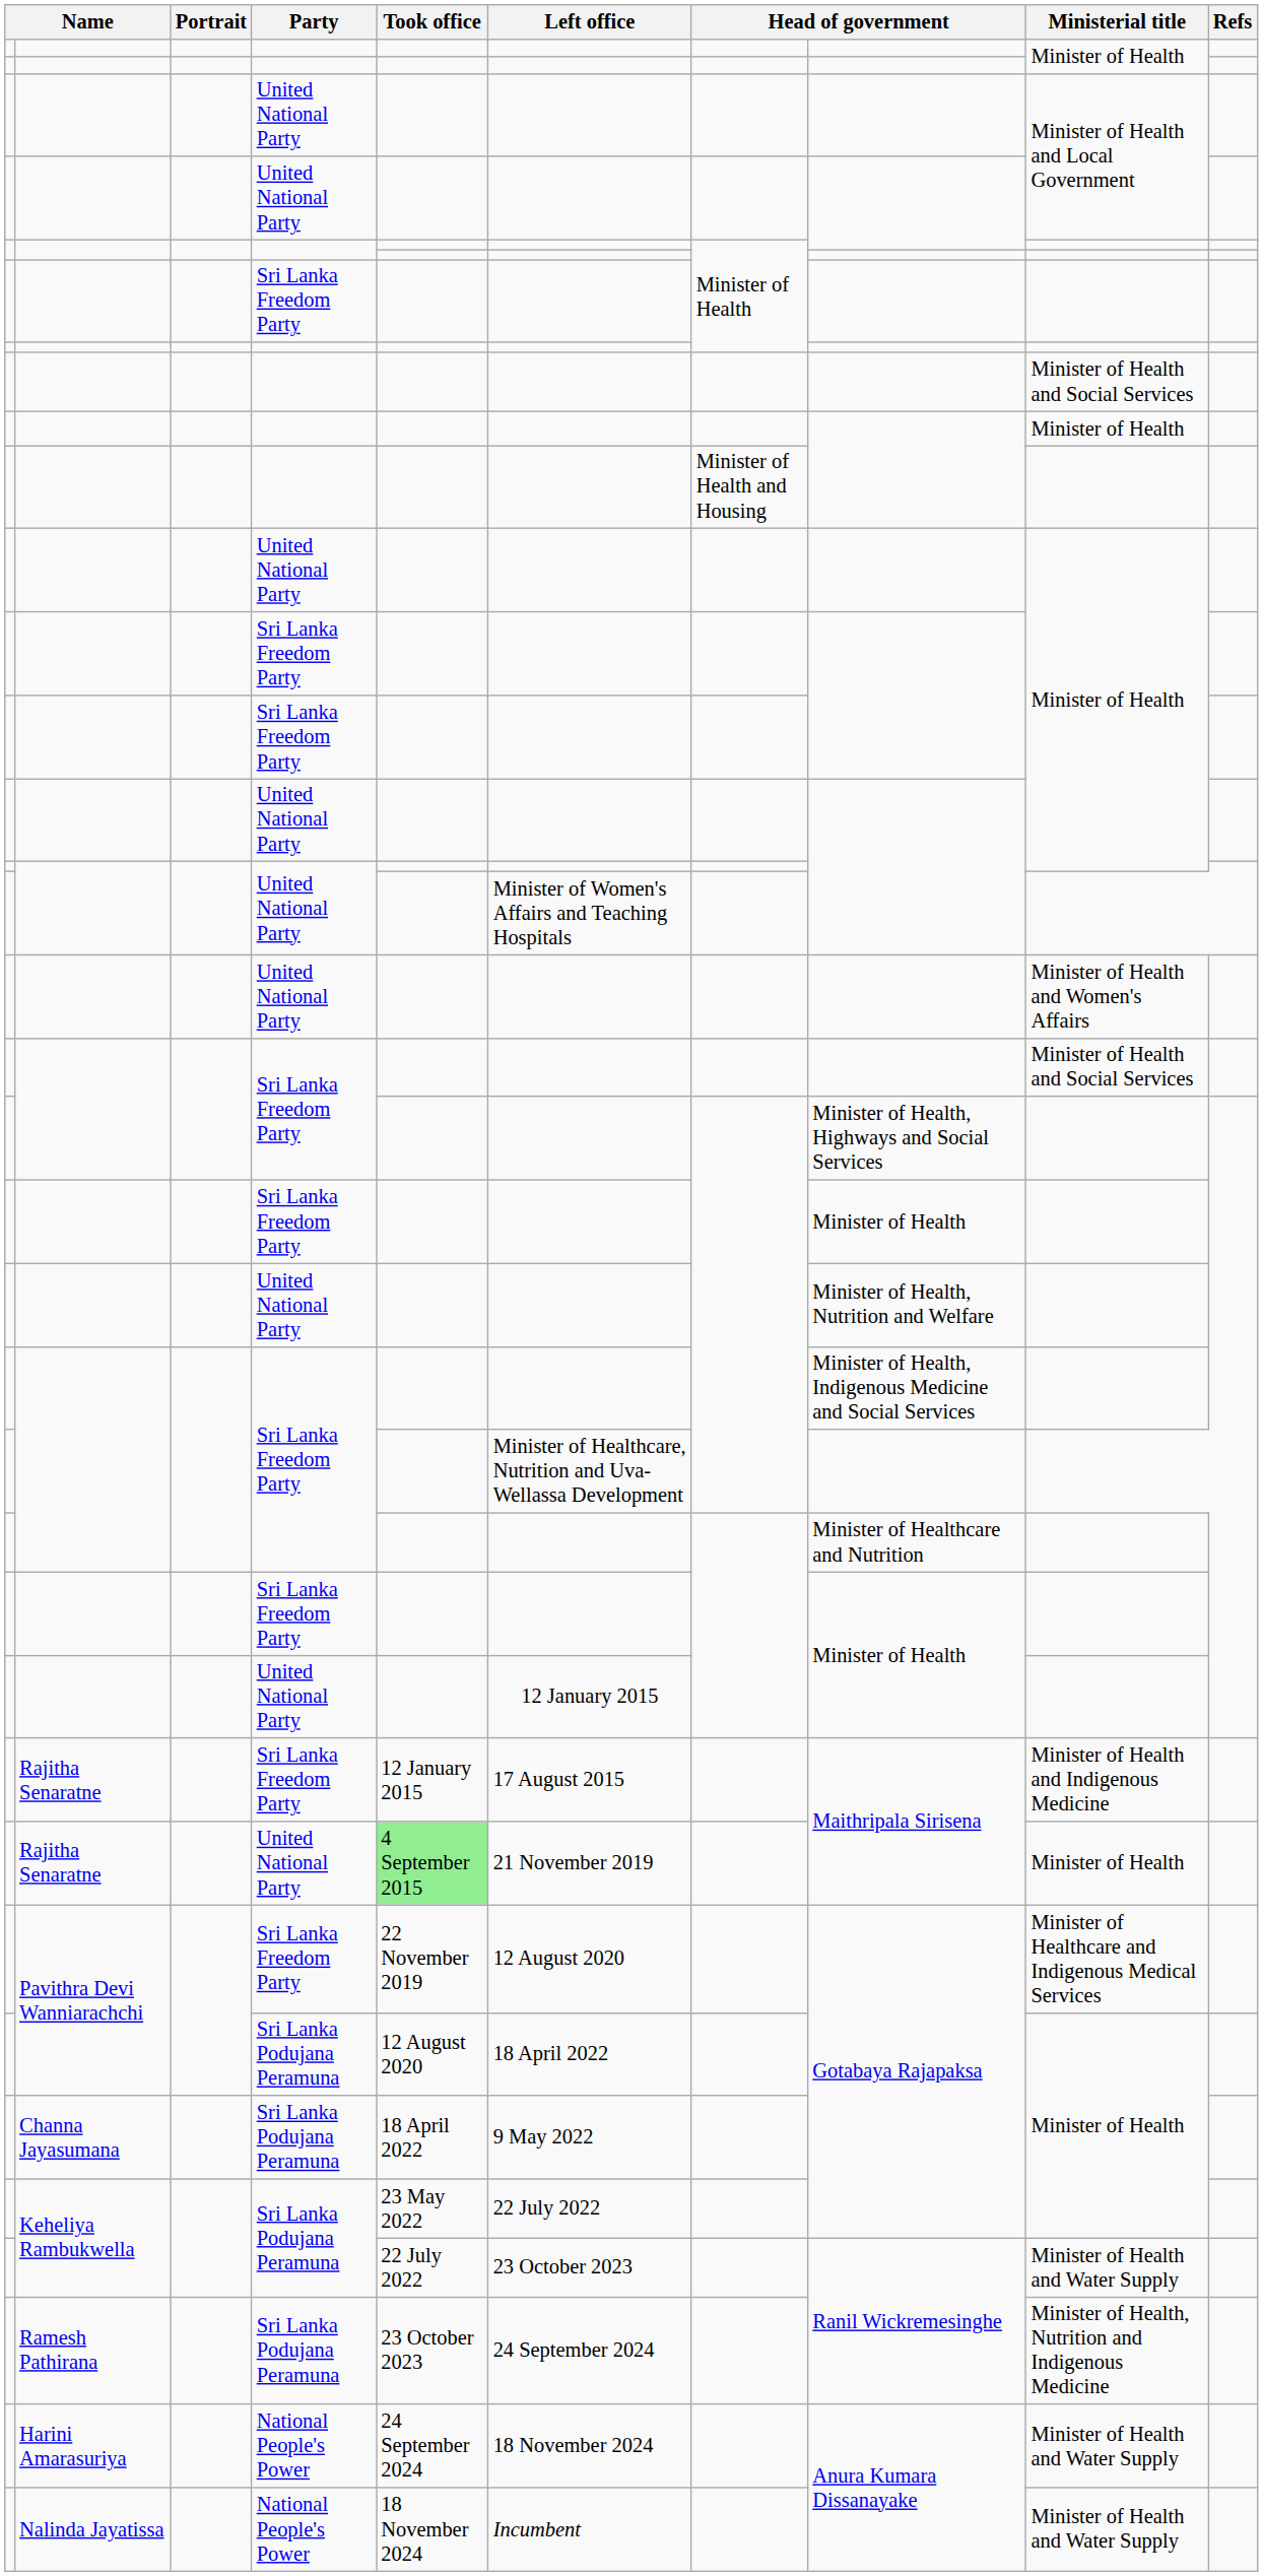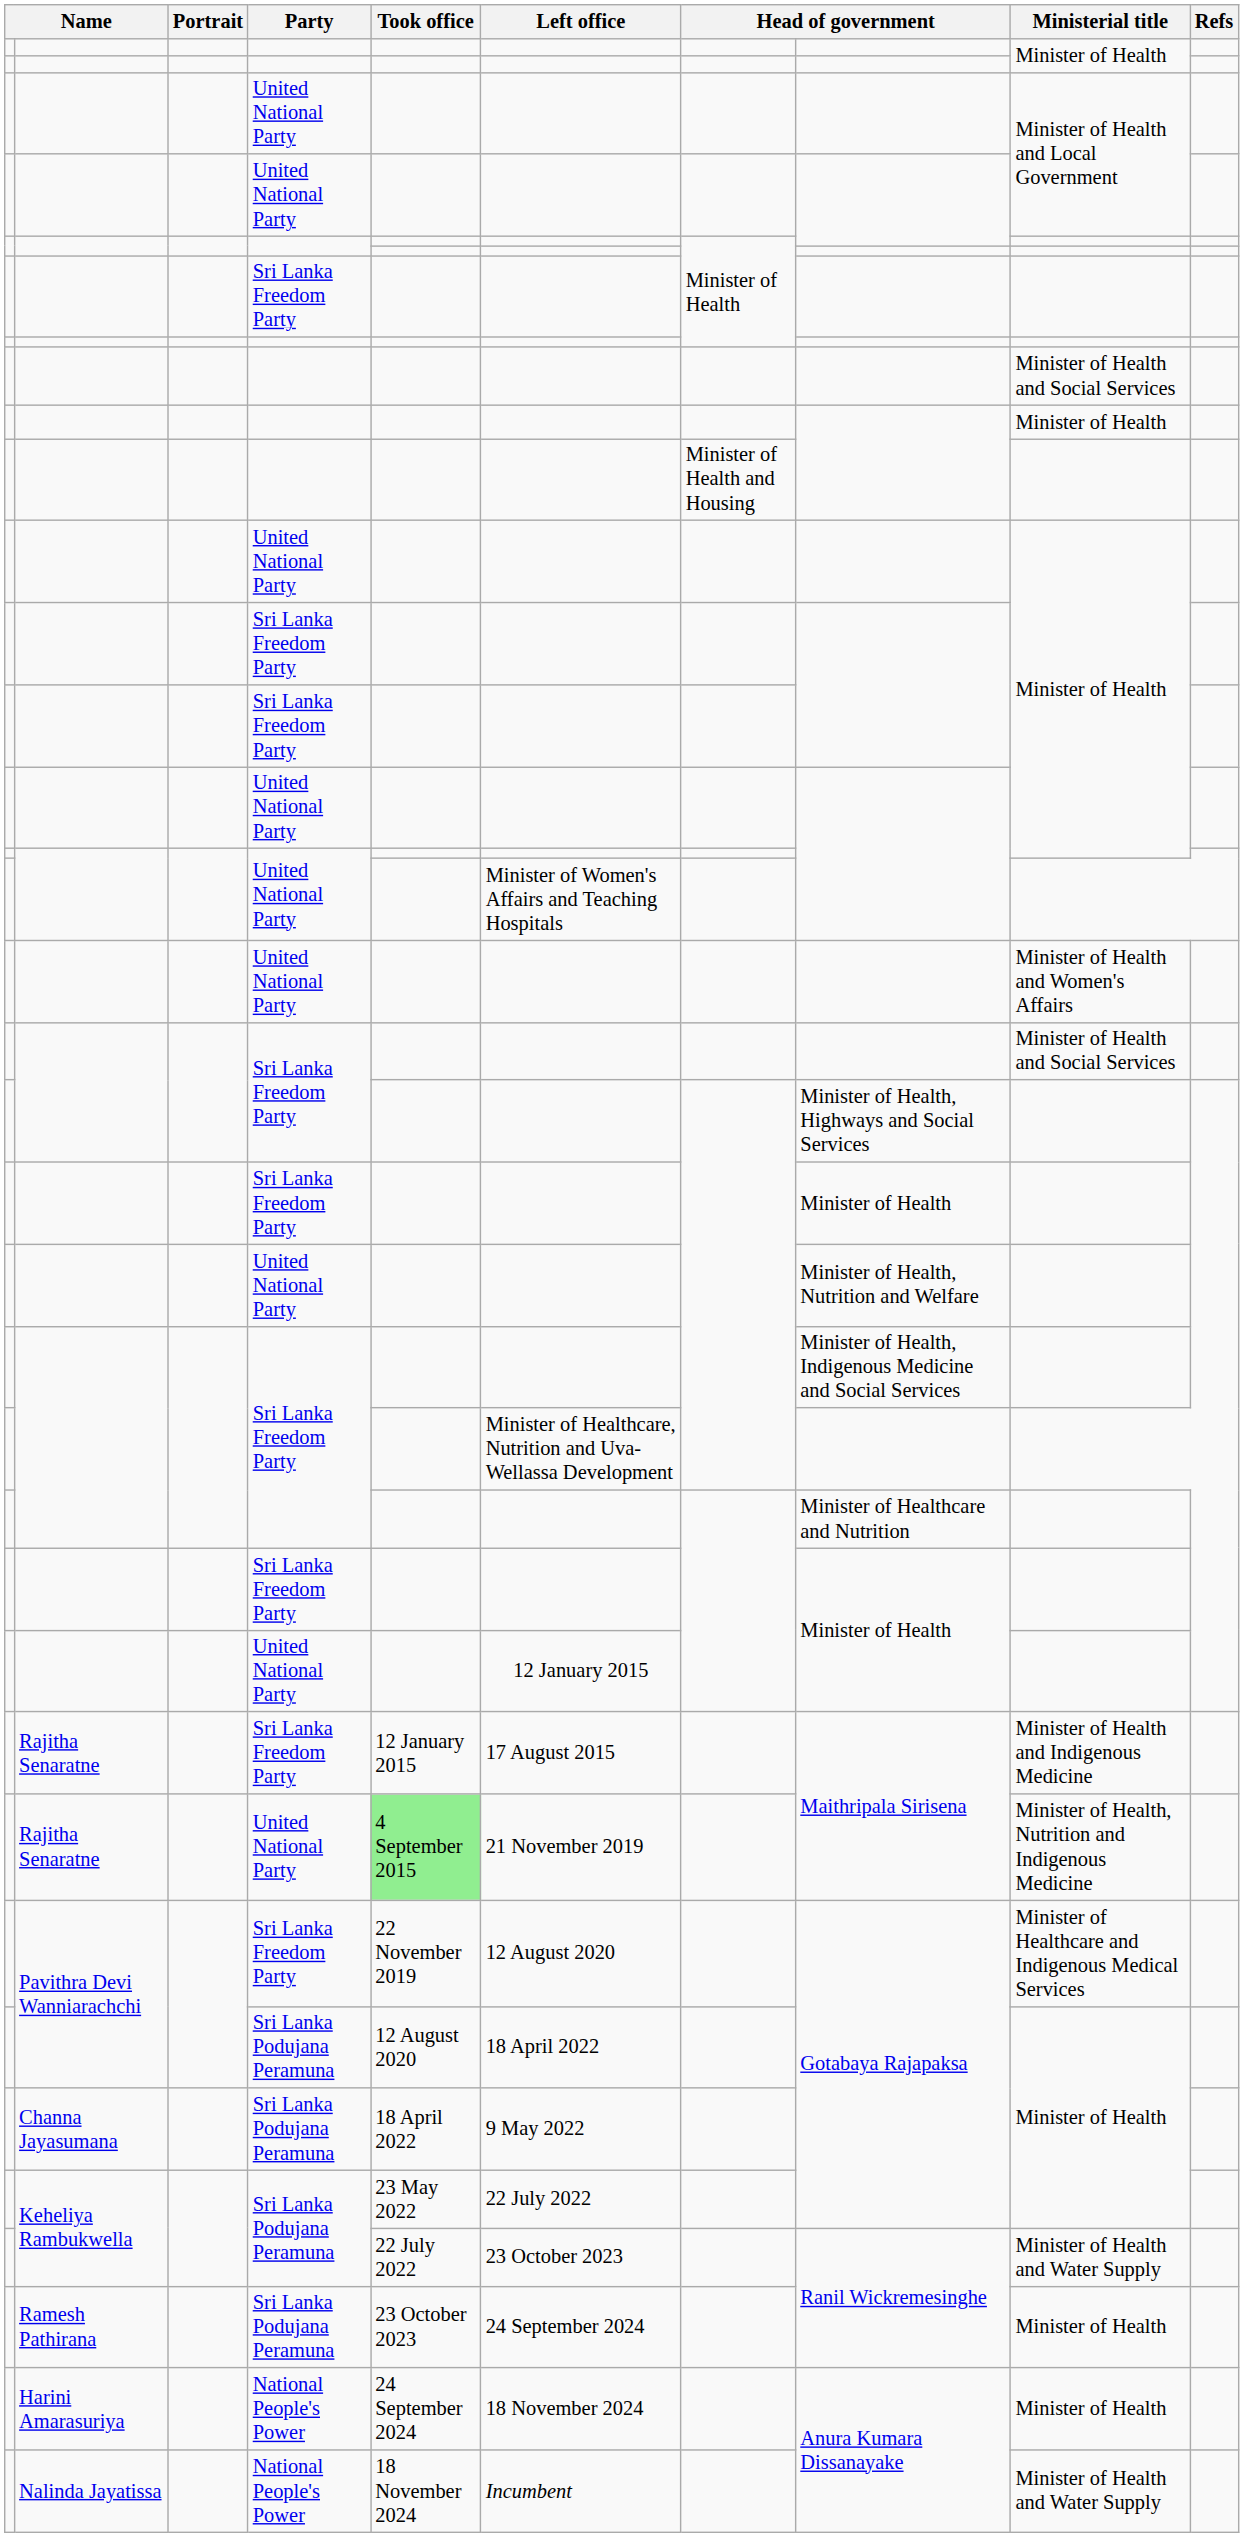 <table class="wikitable plainrowheaders sortable" style="font-size:90%; text-align:left;">
 <tr>
 <th colspan="2" scope="col">Name</th>
 <th scope="col" class="unsortable">Portrait</th>
 <th scope="col">Party</th>
 <th scope="col">Took office</th>
 <th scope="col">Left office</th>
 <th colspan="2" scope="col">Head of government</th>
 <th scope="col">Ministerial title</th>
 <th scope="col" class="unsortable">Refs</th>
 </tr>
 <tr>
 <td></td>
 <td></td>
 <td></td>
 <td></td>
 <td align="center"></td>
 <td align="center"></td>
 <td></td>
 <td></td>
 <td rowspan="2">Minister of Health</td>
 <td align="center"></td>
 </tr>
 <tr>
 <td></td>
 <td></td>
 <td></td>
 <td></td>
 <td align="center"></td>
 <td align="center"></td>
 <td></td>
 <td></td>
 <td align="center"></td>
 </tr>
 <tr>
 <td style="background:"></td>
 <td></td>
 <td align="center"></td>
 <td><a href='#'>United National Party</a></td>
 <td align="center"></td>
 <td align="center"></td>
 <td style="background:"></td>
 <td></td>
 <td rowspan="2">Minister of Health and Local Government</td>
 <td align="center"></td>
 </tr>
 <tr>
 <td style="background:"></td>
 <td></td>
 <td align="center"></td>
 <td><a href='#'>United National Party</a></td>
 <td align="center"></td>
 <td align="center"></td>
 <td style="background:"></td>
 <td rowspan="2"></td>
 <td align="center"></td>
 </tr>
 <tr>
 <td rowspan="2"></td>
 <td rowspan="2"></td>
 <td rowspan="2"></td>
 <td rowspan="2"></td>
 <td align="center"></td>
 <td align="center"></td>
 <td rowspan="4">Minister of Health</td>
 <td align="center"></td>
 </tr>
 <tr>
 <td align="center"></td>
 <td align="center"></td>
 <td style="background:"></td>
 <td></td>
 <td align="center"></td>
 </tr>
 <tr>
 <td style="background:"></td>
 <td></td>
 <td></td>
 <td><a href='#'>Sri Lanka Freedom Party</a></td>
 <td align="center"></td>
 <td align="center"></td>
 <td style="background:"></td>
 <td></td>
 <td align="center"></td>
 </tr>
 <tr>
 <td></td>
 <td></td>
 <td></td>
 <td></td>
 <td align="center"></td>
 <td align="center"></td>
 <td style="background:"></td>
 <td></td>
 <td align="center"></td>
 </tr>
 <tr>
 <td></td>
 <td></td>
 <td></td>
 <td></td>
 <td align="center"></td>
 <td align="center"></td>
 <td style="background:"></td>
 <td></td>
 <td>Minister of Health and Social Services</td>
 <td align="center"></td>
 </tr>
 <tr>
 <td></td>
 <td></td>
 <td></td>
 <td></td>
 <td align="center"></td>
 <td align="center"></td>
 <td style="background:"></td>
 <td rowspan="2"></td>
 <td>Minister of Health</td>
 <td align="center"></td>
 </tr>
 <tr>
 <td></td>
 <td></td>
 <td></td>
 <td></td>
 <td align="center"></td>
 <td align="center"></td>
 <td>Minister of Health and Housing</td>
 <td align="center"></td>
 </tr>
 <tr>
 <td style="background:"></td>
 <td></td>
 <td></td>
 <td><a href='#'>United National Party</a></td>
 <td align="center"></td>
 <td align="center"></td>
 <td style="background:"></td>
 <td></td>
 <td rowspan="5">Minister of Health</td>
 <td align="center"></td>
 </tr>
 <tr>
 <td style="background:"></td>
 <td></td>
 <td></td>
 <td><a href='#'>Sri Lanka Freedom Party</a></td>
 <td align="center"></td>
 <td align="center"></td>
 <td style="background:"></td>
 <td rowspan="2"></td>
 <td align="center"></td>
 </tr>
 <tr>
 <td style="background:"></td>
 <td></td>
 <td></td>
 <td><a href='#'>Sri Lanka Freedom Party</a></td>
 <td align="center"></td>
 <td align="center"></td>
 <td align="center"></td>
 </tr>
 <tr>
 <td style="background:"></td>
 <td></td>
 <td></td>
 <td><a href='#'>United National Party</a></td>
 <td align="center"></td>
 <td align="center"></td>
 <td style="background:"></td>
 <td rowspan="3"></td>
 <td align="center"></td>
 </tr>
 <tr>
 <td style="background:"></td>
 <td rowspan="2"></td>
 <td rowspan="2"></td>
 <td rowspan="2"><a href='#'>United National Party</a></td>
 <td align="center"></td>
 <td align="center"></td>
 <td align="center"></td>
 </tr>
 <tr>
 <td align="center"></td>
 <td align="center"></td>
 <td>Minister of Women's Affairs and Teaching Hospitals</td>
 <td align="center"></td>
 </tr>
 <tr>
 <td style="background:"></td>
 <td></td>
 <td></td>
 <td><a href='#'>United National Party</a></td>
 <td align="center"></td>
 <td align="center"></td>
 <td style="background:"></td>
 <td></td>
 <td>Minister of Health and Women's Affairs</td>
 <td align="center"></td>
 </tr>
 <tr>
 <td style="background:"></td>
 <td rowspan="2"></td>
 <td rowspan="2" align="center"></td>
 <td rowspan="2"><a href='#'>Sri Lanka Freedom Party</a></td>
 <td align="center"></td>
 <td align="center"></td>
 <td style="background:"></td>
 <td></td>
 <td>Minister of Health and Social Services</td>
 <td align="center"></td>
 </tr>
 <tr>
 <td align="center"></td>
 <td align="center"></td>
 <td style="background:"></td>
 <td rowspan="5"></td>
 <td>Minister of Health, Highways and Social Services</td>
 <td align="center"></td>
 </tr>
 <tr>
 <td style="background:"></td>
 <td></td>
 <td></td>
 <td><a href='#'>Sri Lanka Freedom Party</a></td>
 <td align="center"></td>
 <td align="center"></td>
 <td>Minister of Health</td>
 <td align="center"></td>
 </tr>
 <tr>
 <td style="background:"></td>
 <td></td>
 <td></td>
 <td><a href='#'>United National Party</a></td>
 <td align="center"></td>
 <td align="center"></td>
 <td>Minister of Health, Nutrition and Welfare</td>
 <td align="center"></td>
 </tr>
 <tr>
 <td style="background:"></td>
 <td rowspan="3"></td>
 <td rowspan="3"></td>
 <td rowspan="3"><a href='#'>Sri Lanka Freedom Party</a></td>
 <td align="center"></td>
 <td></td>
 <td>Minister of Health, Indigenous Medicine and Social Services</td>
 <td align="center"></td>
 </tr>
 <tr>
 <td align="center"></td>
 <td align="center"></td>
 <td>Minister of Healthcare, Nutrition and Uva-Wellassa Development</td>
 <td align="center"></td>
 </tr>
 <tr>
 <td align="center"></td>
 <td align="center"></td>
 <td style="background:"></td>
 <td rowspan="3"></td>
 <td>Minister of Healthcare and Nutrition</td>
 <td align="center"></td>
 </tr>
 <tr>
 <td style="background:"></td>
 <td></td>
 <td align="center"></td>
 <td><a href='#'>Sri Lanka Freedom Party</a></td>
 <td align="center"></td>
 <td align="center"></td>
 <td rowspan="2">Minister of Health</td>
 <td align="center"></td>
 </tr>
 <tr>
 <td style="background:"></td>
 <td></td>
 <td></td>
 <td><a href='#'>United National Party</a></td>
 <td align="center"></td>
 <td align="center">12 January 2015</td>
 <td align="center"></td>
 </tr>
 <tr>
 <td style="background:"></td>
 <td><a href='#'>Rajitha Senaratne</a></td>
 <td></td>
 <td><a href='#'>Sri Lanka Freedom Party</a></td>
 <td>12 January 2015</td>
 <td>17 August 2015</td>
 <td style="background:"></td>
 <td rowspan="2"><a href='#'>Maithripala Sirisena</a></td>
 <td>Minister of Health and Indigenous Medicine</td>
 <td></td>
 </tr>
 <tr>
 <td style="background:"></td>
 <td><a href='#'>Rajitha Senaratne</a></td>
 <td></td>
 <td><a href='#'>United National Party</a></td>
 <td style="background: lightgreen;">4 September 2015</td>
 <td>21 November 2019</td>
 <td style="background:"></td>
-<td>Minister of Health</td>
+<td>Minister of Health, Nutrition and Indigenous Medicine</td>
 <td></td>
 </tr>
 <tr>
 <td style="background:"></td>
 <td rowspan="2"><a href='#'>Pavithra Devi Wanniarachchi</a></td>
 <td rowspan="2"></td>
 <td><a href='#'>Sri Lanka Freedom Party</a></td>
 <td>22 November 2019</td>
 <td>12 August 2020</td>
 <td style="background:"></td>
 <td rowspan="4"><a href='#'>Gotabaya Rajapaksa</a></td>
 <td>Minister of Healthcare and Indigenous Medical Services</td>
 <td></td>
 </tr>
 <tr>
 <td style="background:"></td>
 <td><a href='#'>Sri Lanka Podujana Peramuna</a></td>
 <td>12 August 2020</td>
 <td>18 April 2022</td>
 <td style="background:"></td>
 <td rowspan="3">Minister of Health</td>
 <td></td>
 </tr>
 <tr>
 <td style="background:"></td>
 <td><a href='#'>Channa Jayasumana</a></td>
 <td></td>
 <td><a href='#'>Sri Lanka Podujana Peramuna</a></td>
 <td>18 April 2022</td>
 <td>9 May 2022</td>
 <td style="background:"></td>
 <td></td>
 </tr>
 <tr>
 <td style="background:"></td>
 <td rowspan="2"><a href='#'>Keheliya Rambukwella</a></td>
 <td rowspan="2"></td>
 <td rowspan="2"><a href='#'>Sri Lanka Podujana Peramuna</a></td>
 <td>23 May 2022</td>
 <td>22 July 2022</td>
 <td style="background:"></td>
 <td></td>
 </tr>
 <tr>
 <td style="background:"></td>
 <td>22 July 2022</td>
 <td>23 October 2023</td>
 <td style="background:"></td>
 <td rowspan="2"><a href='#'>Ranil Wickremesinghe</a></td>
 <td>Minister of Health and Water Supply</td>
 <td></td>
 </tr>
 <tr>
 <td style="background:"></td>
 <td><a href='#'>Ramesh Pathirana</a></td>
 <td></td>
 <td><a href='#'>Sri Lanka Podujana Peramuna</a></td>
 <td>23 October 2023</td>
 <td>24 September 2024</td>
 <td style="background:"></td>
-<td>Minister of Health, Nutrition and Indigenous Medicine</td>
+<td>Minister of Health</td>
 <td></td>
 </tr>
 <tr>
 <td style="background:"></td>
 <td><a href='#'>Harini Amarasuriya</a></td>
 <td></td>
 <td><a href='#'>National People's Power</a></td>
 <td>24 September 2024</td>
 <td>18 November 2024</td>
 <td style="background:"></td>
 <td rowspan="2"><a href='#'>Anura Kumara Dissanayake</a></td>
-<td>Minister of Health and Water Supply</td>
+<td>Minister of Health</td>
 <td></td>
 </tr>
 <tr>
 <td style="background:"></td>
 <td><a href='#'>Nalinda Jayatissa</a></td>
 <td></td>
 <td><a href='#'>National People's Power</a></td>
 <td>18 November 2024</td>
 <td><em>Incumbent</em></td>
 <td style="background:"></td>
 <td>Minister of Health and Water Supply</td>
 <td></td>
 </tr>
 </table>
